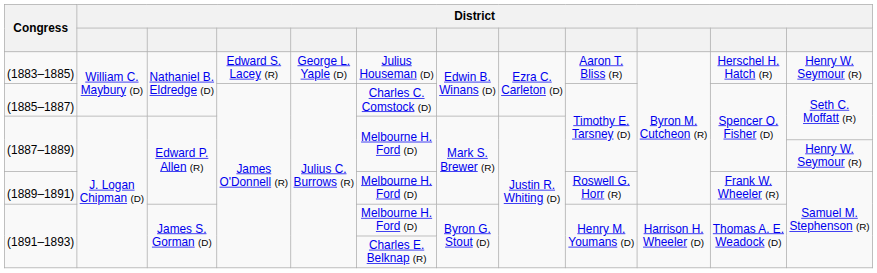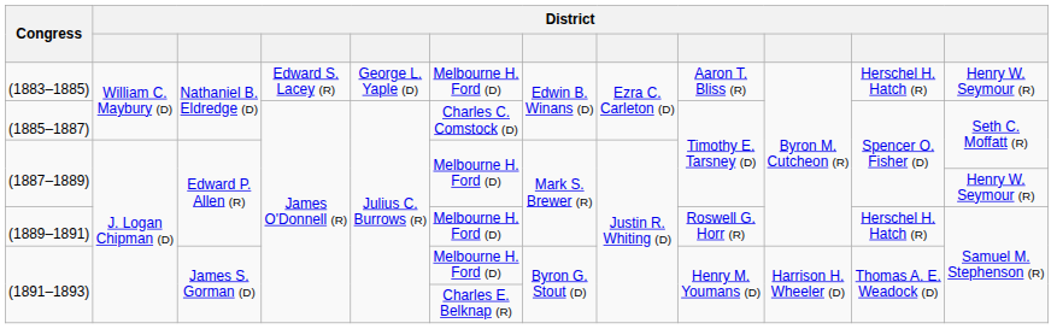 <table class=wikitable style="text-align:center">
 <tr style="height:2em">
 <th rowspan=2>Cong­ress</th>
 <th colspan=11>District</th>
 </tr>
 <tr style="height:2em" valign=bottom>
 <th></th>
 <th></th>
 <th></th>
 <th></th>
 <th></th>
 <th></th>
 <th></th>
 <th></th>
 <th></th>
 <th></th>
 <th></th>
 </tr>
 <tr style="height:2em">
 <td><strong></strong><br>(1883–1885)</td>
 <td rowspan=2 ><a href='#'>William C.<br>Maybury</a> <small>(D)</small></td>
 <td rowspan=2 ><a href='#'>Nathaniel B.<br>Eldredge</a> <small>(D)</small></td>
 <td><a href='#'>Edward S.<br>Lacey</a> <small>(R)</small></td>
 <td><a href='#'>George L.<br>Yaple</a> <small>(D)</small></td>
-<td><a href='#'>Julius<br>Houseman</a> <small>(D)</small></td>
+<td><a href='#'>Melbourne H.<br>Ford</a> <small>(D)</small></td>
 <td rowspan=2 ><a href='#'>Edwin B.<br>Winans</a> <small>(D)</small></td>
 <td rowspan=2 ><a href='#'>Ezra C.<br>Carleton</a> <small>(D)</small></td>
 <td><a href='#'>Aaron T.<br>Bliss</a> <small>(R)</small></td>
 <td rowspan=5 ><a href='#'>Byron M.<br>Cutcheon</a> <small>(R)</small></td>
 <td><a href='#'>Herschel H.<br>Hatch</a> <small>(R)</small></td>
 <td><a href='#'>Henry W.<br>Seymour</a> <small>(R)</small></td>
 </tr>
 <tr style="height:2em">
 <td><strong></strong><br>(1885–1887)</td>
 <td rowspan=6 ><a href='#'>James<br>O'Donnell</a> <small>(R)</small></td>
 <td rowspan=6 ><a href='#'>Julius C.<br>Burrows</a> <small>(R)</small></td>
 <td><a href='#'>Charles C.<br>Comstock</a> <small>(D)</small></td>
 <td rowspan=3 ><a href='#'>Timothy E.<br>Tarsney</a> <small>(D)</small></td>
 <td rowspan=3 ><a href='#'>Spencer O.<br>Fisher</a> <small>(D)</small></td>
 <td rowspan=2 ><a href='#'>Seth C.<br>Moffatt</a> <small>(R)</small></td>
 </tr>
 <tr style="height:2em">
 <td rowspan=2><strong></strong><br>(1887–1889)</td>
 <td rowspan="5" ><a href='#'>J. Logan<br>Chipman</a> <small>(D)</small></td>
 <td rowspan=3 ><a href='#'>Edward P.<br>Allen</a> <small>(R)</small></td>
 <td rowspan=2 ><a href='#'>Melbourne H.<br>Ford</a> <small>(D)</small></td>
 <td rowspan=3 ><a href='#'>Mark S.<br>Brewer</a> <small>(R)</small></td>
 <td rowspan=5 ><a href='#'>Justin R.<br>Whiting</a> <small>(D)</small></td>
 </tr>
 <tr style="height:2em">
 <td><a href='#'>Henry W.<br>Seymour</a> <small>(R)</small></td>
 </tr>
 <tr style="height:2em">
 <td><strong></strong><br>(1889–1891)</td>
 <td><a href='#'>Melbourne H.<br>Ford</a> <small>(D)</small></td>
 <td><a href='#'>Roswell G.<br>Horr</a> <small>(R)</small></td>
-<td><a href='#'>Frank W.<br>Wheeler</a> <small>(R)</small></td>
+<td><a href='#'>Herschel H.<br>Hatch</a> <small>(R)</small></td>
 <td rowspan=3 ><a href='#'>Samuel M.<br>Stephen­son</a> <small>(R)</small></td>
 </tr>
 <tr style="height:2em">
 <td rowspan=2><strong></strong><br>(1891–1893)</td>
 <td rowspan="2" ><a href='#'>James S.<br>Gorman</a> <small>(D)</small></td>
 <td><a href='#'>Melbourne H.<br>Ford</a> <small>(D)</small></td>
 <td rowspan=2 ><a href='#'>Byron G.<br>Stout</a> <small>(D)</small></td>
 <td rowspan=2 ><a href='#'>Henry M.<br>Youmans</a> <small>(D)</small></td>
 <td rowspan=2 ><a href='#'>Harrison H.<br>Wheeler</a> <small>(D)</small></td>
 <td rowspan="2" ><a href='#'>Thomas A. E.<br>Weadock</a> <small>(D)</small></td>
 </tr>
 <tr style="height:2em">
 <td><a href='#'>Charles E.<br>Belknap</a> <small>(R)</small></td>
 </tr>
 </table>
